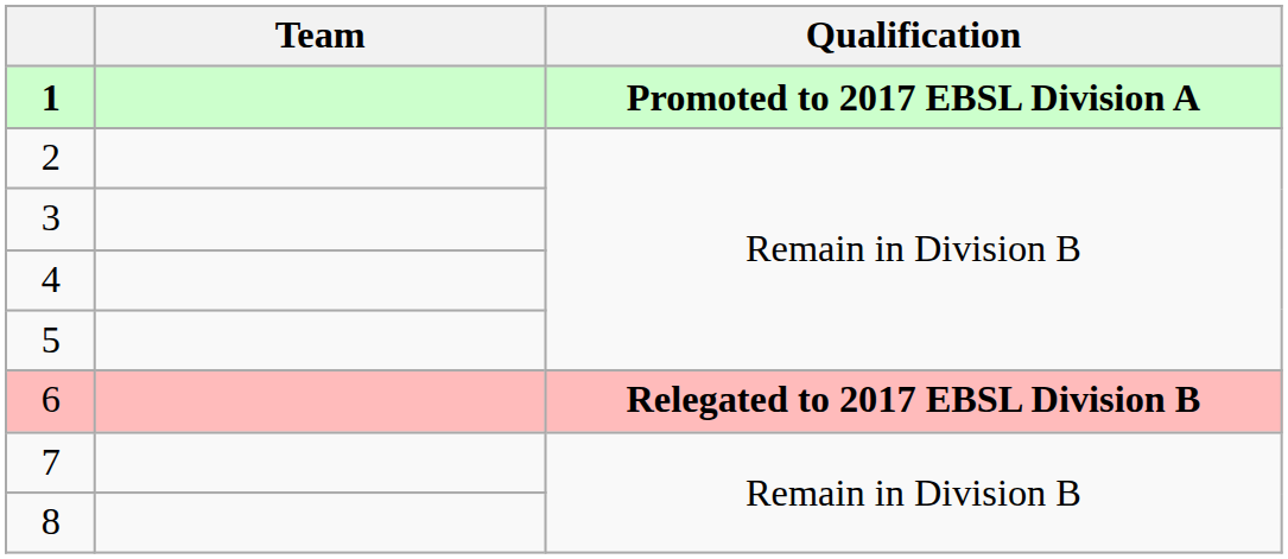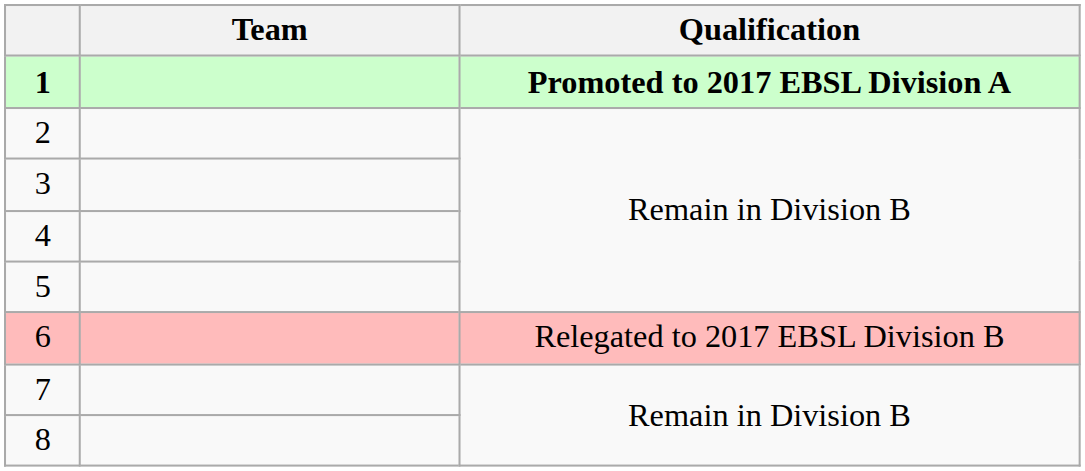 <table class="wikitable" style="text-align: center; font-size: 100%;">
 <tr>
 <th width="30"></th>
 <th width="180">Team</th>
 <th width="300">Qualification</th>
 </tr>
 <tr style="background-color: #ccffcc;">
 <td><strong>1</strong></td>
 <td align=left><strong></strong></td>
 <td><strong>Promoted to 2017 EBSL Division A</strong></td>
 </tr>
 <tr>
 <td>2</td>
 <td align=left></td>
 <td rowspan=4>Remain in Division B</td>
 </tr>
 <tr>
 <td>3</td>
 <td align=left></td>
 </tr>
 <tr>
 <td>4</td>
 <td align=left></td>
 </tr>
 <tr>
 <td>5</td>
 <td align=left></td>
 </tr>
 <tr style="background-color: #FFBBBB;">
 <td>6</td>
 <td align=left><em></em></td>
-<td><strong>Relegated to 2017 EBSL Division B</strong></td>
+<td>Relegated to 2017 EBSL Division B</td>
 </tr>
 <tr>
 <td>7</td>
 <td align=left></td>
 <td rowspan=2>Remain in Division B</td>
 </tr>
 <tr>
 <td>8</td>
 <td align=left></td>
 </tr>
 </table>
